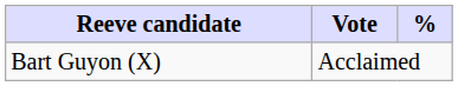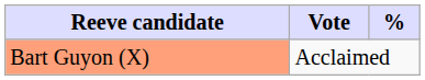 <table class="wikitable">
 <tr>
 <th style="background:#ddf; width:200px;">Reeve candidate</th>
 <th style="background:#ddf; width:50px;">Vote</th>
 <th style="background:#ddf; width:30px;">%</th>
 </tr>
 <tr>
-<td>Bart Guyon (X)</td>
+<td style="background: lightsalmon;">Bart Guyon (X)</td>
 <td colspan="2">Acclaimed</td>
 </tr>
 </table>
